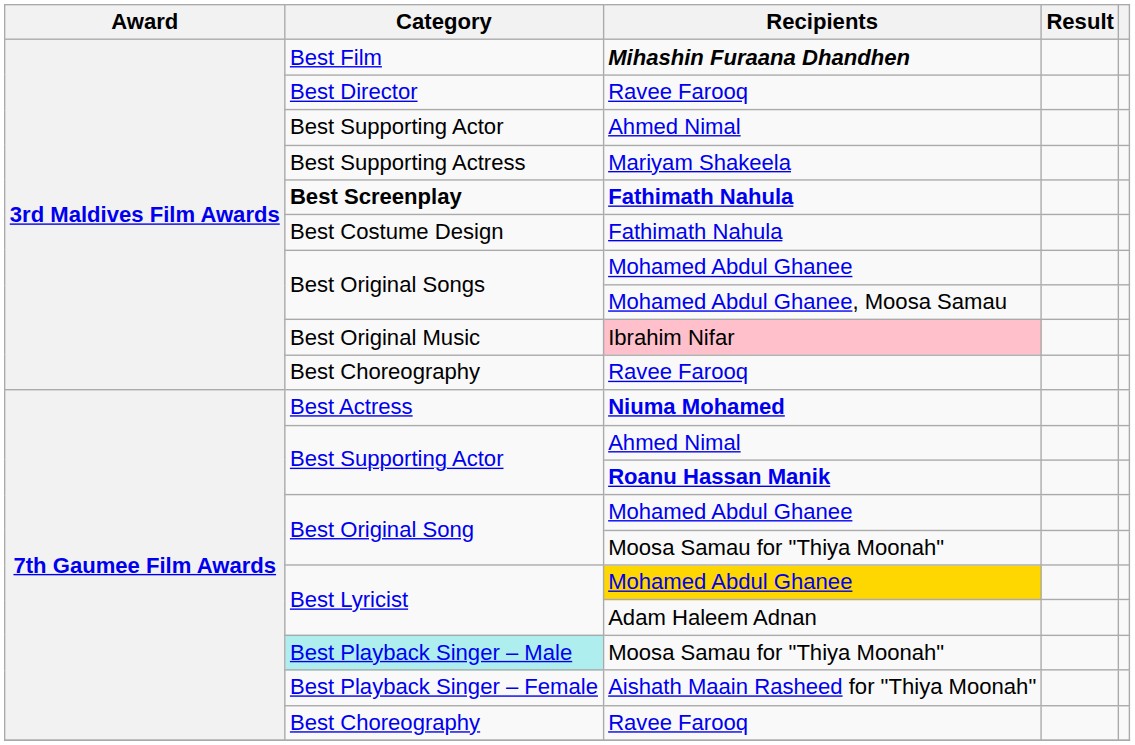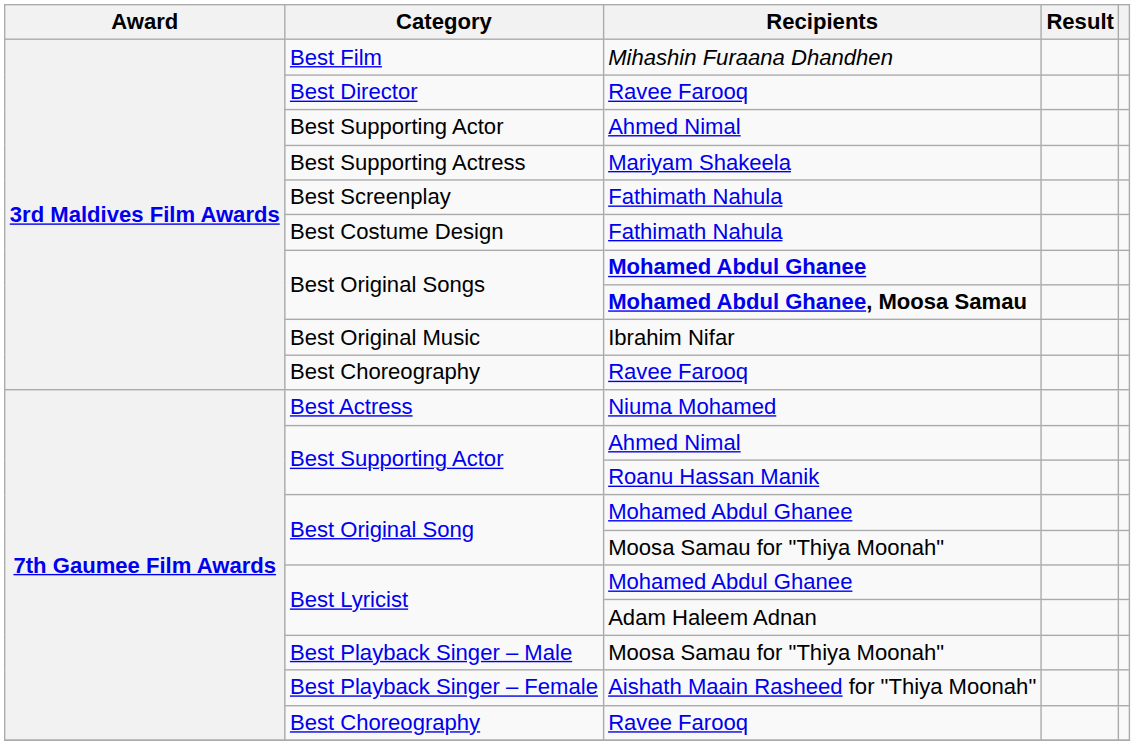 <table class="wikitable plainrowheaders sortable">
 <tr>
 <th scope="col">Award</th>
 <th scope="col">Category</th>
 <th scope="col">Recipients</th>
 <th scope="col">Result</th>
 <th scope="col" class="unsortable"></th>
 </tr>
 <tr>
 <th scope="row" rowspan="10"><a href='#'>3rd Maldives Film Awards</a></th>
 <td><a href='#'>Best Film</a></td>
-<td><strong><em>Mihashin Furaana Dhandhen</em></strong></td>
+<td><em>Mihashin Furaana Dhandhen</em></td>
 <td></td>
 <td style="text-align:center;"></td>
 </tr>
 <tr>
 <td><a href='#'>Best Director</a></td>
 <td><a href='#'>Ravee Farooq</a></td>
 <td></td>
 <td style="text-align:center;"></td>
 </tr>
 <tr>
 <td>Best Supporting Actor</td>
 <td><a href='#'>Ahmed Nimal</a></td>
 <td></td>
 <td style="text-align:center;"></td>
 </tr>
 <tr>
 <td>Best Supporting Actress</td>
 <td><a href='#'>Mariyam Shakeela</a></td>
 <td></td>
 <td style="text-align:center;"></td>
 </tr>
 <tr>
-<td><strong>Best Screenplay</strong></td>
-<td><strong><a href='#'>Fathimath Nahula</a></strong></td>
+<td>Best Screenplay</td>
+<td><a href='#'>Fathimath Nahula</a></td>
 <td></td>
 <td style="text-align:center;"></td>
 </tr>
 <tr>
 <td>Best Costume Design</td>
 <td><a href='#'>Fathimath Nahula</a></td>
 <td></td>
 <td style="text-align:center;"></td>
 </tr>
 <tr>
 <td rowspan="2">Best Original Songs</td>
-<td><a href='#'>Mohamed Abdul Ghanee</a></td>
+<td><strong><a href='#'>Mohamed Abdul Ghanee</a></strong></td>
 <td></td>
 <td style="text-align:center;"></td>
 </tr>
 <tr>
-<td><a href='#'>Mohamed Abdul Ghanee</a>, Moosa Samau</td>
+<td><strong><a href='#'>Mohamed Abdul Ghanee</a>, Moosa Samau</strong></td>
 <td></td>
 <td style="text-align:center;"></td>
 </tr>
 <tr>
 <td>Best Original Music</td>
-<td style="background: pink;">Ibrahim Nifar</td>
+<td>Ibrahim Nifar</td>
 <td></td>
 <td style="text-align:center;"></td>
 </tr>
 <tr>
 <td>Best Choreography</td>
 <td><a href='#'>Ravee Farooq</a></td>
 <td></td>
 <td style="text-align:center;"></td>
 </tr>
 <tr>
 <th scope="row" rowspan="10"><a href='#'>7th Gaumee Film Awards</a></th>
 <td><a href='#'>Best Actress</a></td>
-<td><strong><a href='#'>Niuma Mohamed</a></strong></td>
+<td><a href='#'>Niuma Mohamed</a></td>
 <td></td>
 <td style="text-align:center;"></td>
 </tr>
 <tr>
 <td rowspan="2"><a href='#'>Best Supporting Actor</a></td>
 <td><a href='#'>Ahmed Nimal</a></td>
 <td></td>
 <td style="text-align:center;"></td>
 </tr>
 <tr>
-<td><strong><a href='#'>Roanu Hassan Manik</a></strong></td>
+<td><a href='#'>Roanu Hassan Manik</a></td>
 <td></td>
 <td style="text-align:center;"></td>
 </tr>
 <tr>
 <td rowspan="2"><a href='#'>Best Original Song</a></td>
 <td><a href='#'>Mohamed Abdul Ghanee</a></td>
 <td></td>
 <td style="text-align:center;"></td>
 </tr>
 <tr>
 <td>Moosa Samau for "Thiya Moonah"</td>
 <td></td>
 <td style="text-align:center;"></td>
 </tr>
 <tr>
 <td rowspan="2"><a href='#'>Best Lyricist</a></td>
-<td style="background: gold;"><a href='#'>Mohamed Abdul Ghanee</a></td>
+<td><a href='#'>Mohamed Abdul Ghanee</a></td>
 <td></td>
 <td style="text-align:center;"></td>
 </tr>
 <tr>
 <td>Adam Haleem Adnan</td>
 <td></td>
 <td style="text-align:center;"></td>
 </tr>
 <tr>
-<td style="background: paleturquoise;"><a href='#'>Best Playback Singer – Male</a></td>
+<td><a href='#'>Best Playback Singer – Male</a></td>
 <td>Moosa Samau for "Thiya Moonah"</td>
 <td></td>
 <td style="text-align:center;"></td>
 </tr>
 <tr>
 <td><a href='#'>Best Playback Singer – Female</a></td>
 <td><a href='#'>Aishath Maain Rasheed</a> for "Thiya Moonah"</td>
 <td></td>
 <td style="text-align:center;"></td>
 </tr>
 <tr>
 <td><a href='#'>Best Choreography</a></td>
 <td><a href='#'>Ravee Farooq</a></td>
 <td></td>
 <td style="text-align:center;"></td>
 </tr>
 <tr>
 </tr>
 </table>
